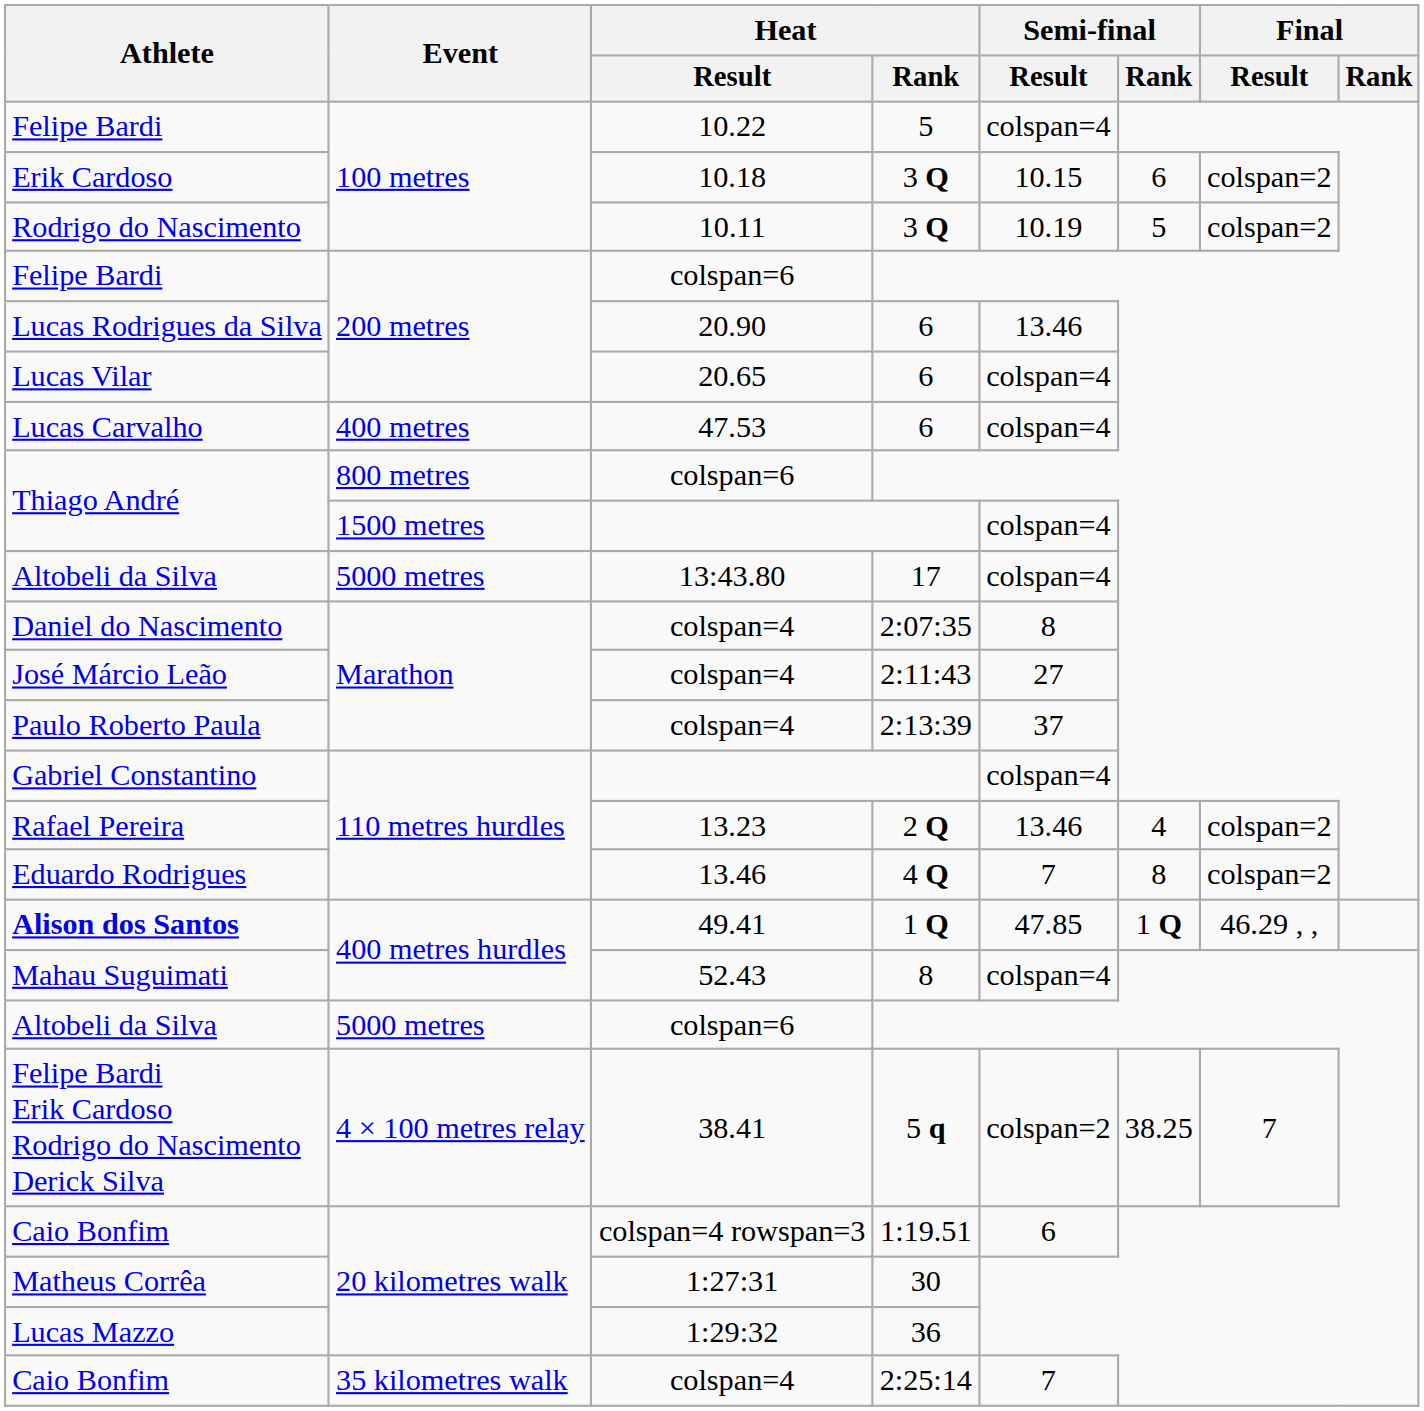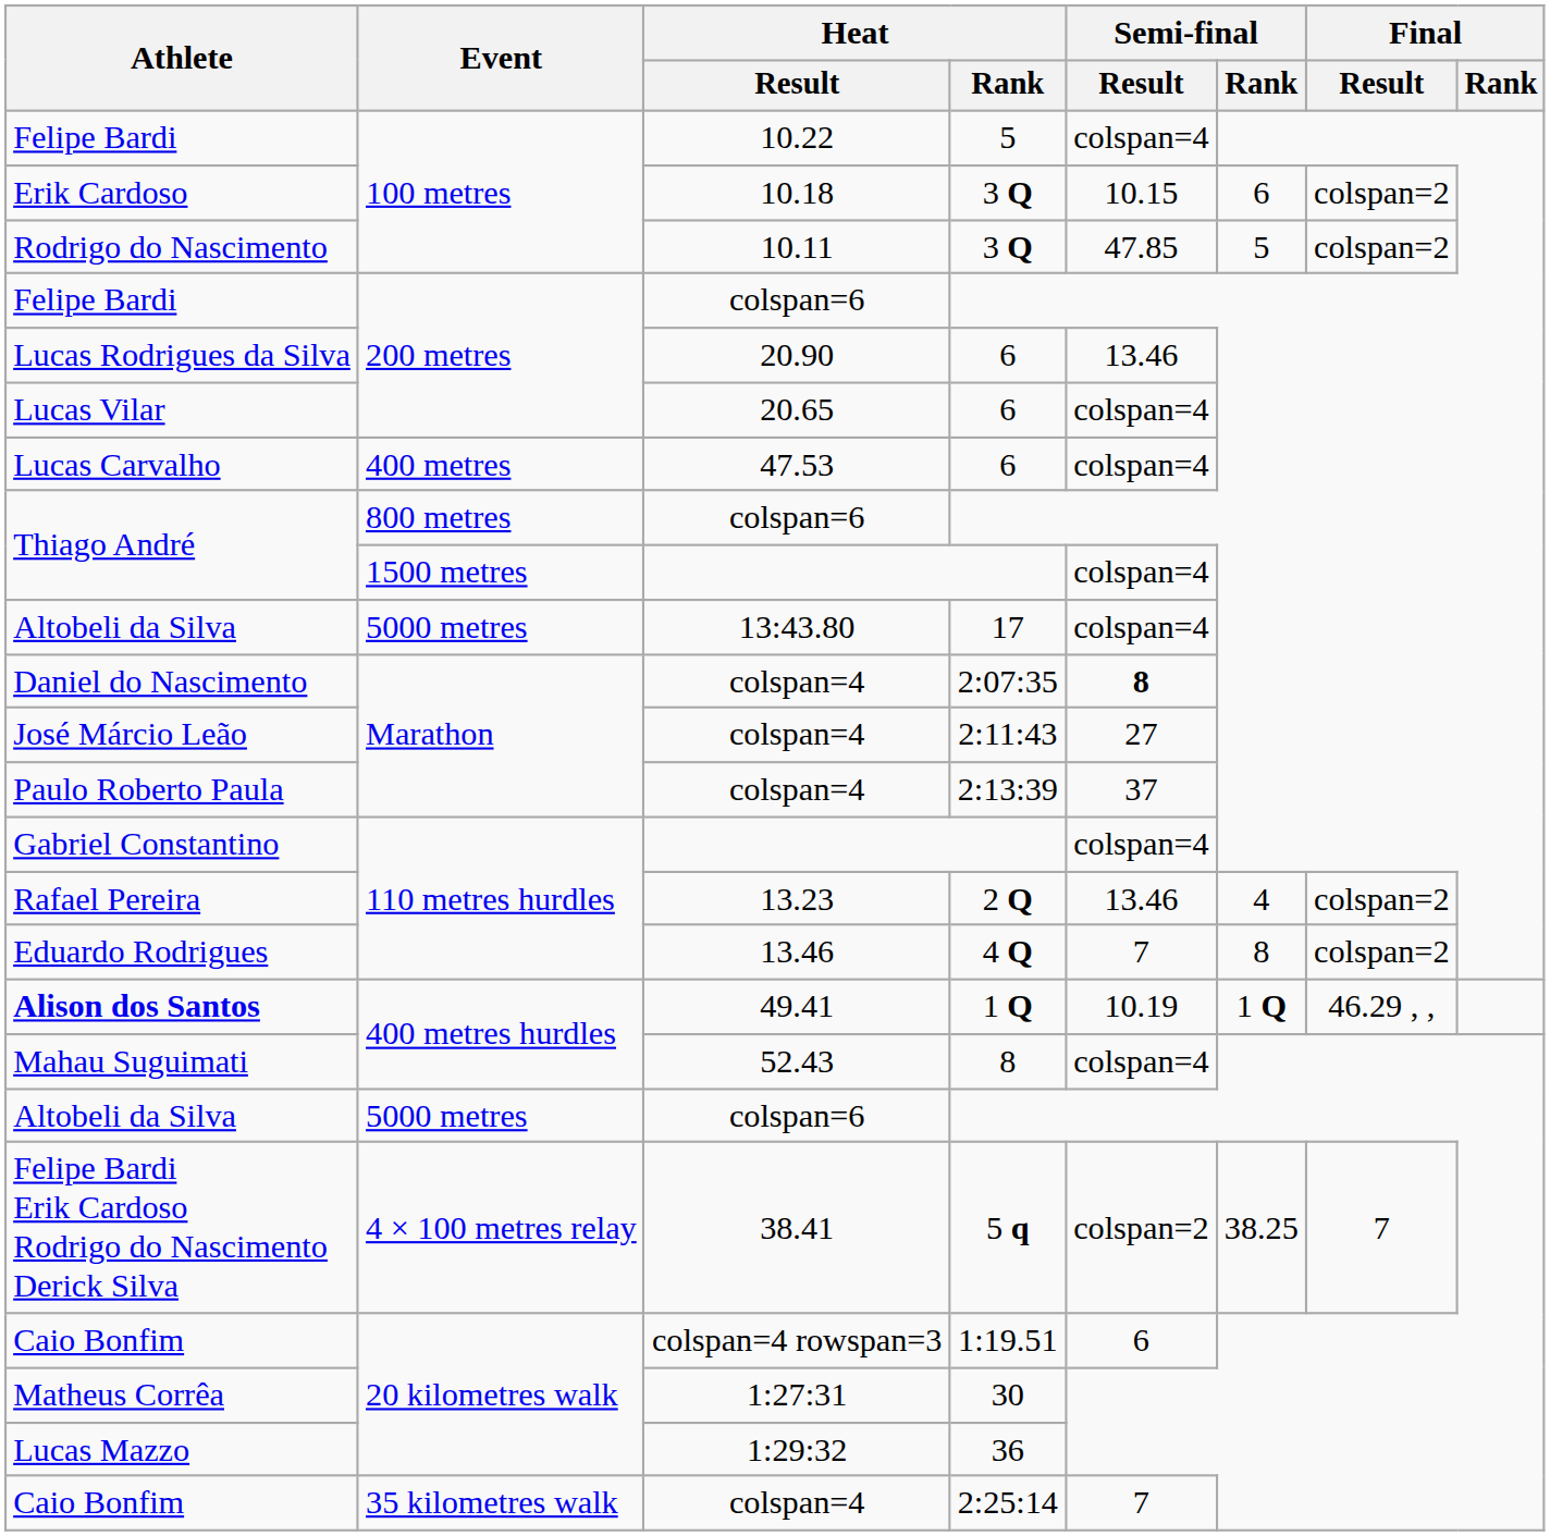 <table class="wikitable" style="font-size:90%">
 <tr>
 <th rowspan="2">Athlete</th>
 <th rowspan="2">Event</th>
 <th colspan="2">Heat</th>
 <th colspan="2">Semi-final</th>
 <th colspan="2">Final</th>
 </tr>
 <tr style="font-size:95%">
 <th>Result</th>
 <th>Rank</th>
 <th>Result</th>
 <th>Rank</th>
 <th>Result</th>
 <th>Rank</th>
 </tr>
 <tr align=center>
 <td align=left><a href='#'>Felipe Bardi</a></td>
 <td align=left rowspan=3><a href='#'>100 metres</a></td>
 <td>10.22 </td>
 <td>5</td>
 <td>colspan=4 </td>
 </tr>
 <tr align=center>
 <td align=left><a href='#'>Erik Cardoso</a></td>
 <td>10.18 </td>
 <td>3 <strong>Q</strong></td>
 <td>10.15 </td>
 <td>6</td>
 <td>colspan=2 </td>
 </tr>
 <tr align=center>
 <td align=left><a href='#'>Rodrigo do Nascimento</a></td>
 <td>10.11 </td>
 <td>3 <strong>Q</strong></td>
-<td>10.19 </td>
+<td>47.85</td>
 <td>5</td>
 <td>colspan=2 </td>
 </tr>
 <tr align=center>
 <td align=left><a href='#'>Felipe Bardi</a></td>
 <td align=left rowspan=3><a href='#'>200 metres</a></td>
 <td>colspan=6 </td>
 </tr>
 <tr align=center>
 <td align=left><a href='#'>Lucas Rodrigues da Silva</a></td>
 <td>20.90 </td>
 <td>6</td>
 <td>13.46 </td>
 </tr>
 <tr align=center>
 <td align=left><a href='#'>Lucas Vilar</a></td>
 <td>20.65  </td>
 <td>6</td>
 <td>colspan=4 </td>
 </tr>
 <tr align=center>
 <td align=left><a href='#'>Lucas Carvalho</a></td>
 <td align=left><a href='#'>400 metres</a></td>
 <td>47.53</td>
 <td>6</td>
 <td>colspan=4 </td>
 </tr>
 <tr align=center>
 <td align=left rowspan=2><a href='#'>Thiago André</a></td>
 <td align=left><a href='#'>800 metres</a></td>
 <td>colspan=6 </td>
 </tr>
 <tr align=center>
 <td align=left><a href='#'>1500 metres</a></td>
 <td colspan=2></td>
 <td>colspan=4 </td>
 </tr>
 <tr align=center>
 <td align=left><a href='#'>Altobeli da Silva</a></td>
 <td align=left><a href='#'>5000 metres</a></td>
 <td>13:43.80 </td>
 <td>17</td>
 <td>colspan=4 </td>
 </tr>
 <tr align=center>
 <td align=left><a href='#'>Daniel do Nascimento</a></td>
 <td align=left rowspan=3><a href='#'>Marathon</a></td>
 <td>colspan=4 </td>
 <td>2:07:35</td>
-<td>8</td>
+<td><strong>8</strong></td>
 </tr>
 <tr align=center>
 <td align=left><a href='#'>José Márcio Leão</a></td>
 <td>colspan=4 </td>
 <td>2:11:43</td>
 <td>27</td>
 </tr>
 <tr align=center>
 <td align=left><a href='#'>Paulo Roberto Paula</a></td>
 <td>colspan=4 </td>
 <td>2:13:39</td>
 <td>37</td>
 </tr>
 <tr align=center>
 <td align=left><a href='#'>Gabriel Constantino</a></td>
 <td align=left rowspan=3><a href='#'>110 metres hurdles</a></td>
 <td colspan=2> </td>
 <td>colspan=4 </td>
 </tr>
 <tr align=center>
 <td align=left><a href='#'>Rafael Pereira</a></td>
 <td>13.23 </td>
 <td>2 <strong>Q</strong></td>
 <td>13.46 </td>
 <td>4</td>
 <td>colspan=2 </td>
 </tr>
 <tr align=center>
 <td align=left><a href='#'>Eduardo Rodrigues</a></td>
 <td>13.46 </td>
 <td>4 <strong>Q</strong></td>
 <td>7</td>
 <td>8</td>
 <td>colspan=2 </td>
 </tr>
 <tr align=center>
 <td align=left><strong><a href='#'>Alison dos Santos</a></strong></td>
 <td align=left rowspan=2><a href='#'>400 metres hurdles</a></td>
 <td>49.41</td>
 <td>1 <strong>Q</strong></td>
-<td>47.85</td>
+<td>10.19 </td>
 <td>1 <strong>Q</strong></td>
 <td>46.29 <strong></strong>, <strong></strong>, <strong></strong></td>
 <td></td>
 </tr>
 <tr align=center>
 <td align=left><a href='#'>Mahau Suguimati</a></td>
 <td>52.43</td>
 <td>8</td>
 <td>colspan=4 </td>
 </tr>
 <tr align=center>
 <td align=left><a href='#'>Altobeli da Silva</a></td>
 <td align=left><a href='#'>5000 metres</a></td>
 <td>colspan=6 </td>
 </tr>
 <tr align=center>
 <td align=left><a href='#'>Felipe Bardi</a><br><a href='#'>Erik Cardoso</a><br><a href='#'>Rodrigo do Nascimento</a><br><a href='#'>Derick Silva</a></td>
 <td align=left><a href='#'>4 × 100 metres relay</a></td>
 <td>38.41 </td>
 <td>5 <strong>q</strong></td>
 <td>colspan=2 </td>
 <td>38.25 </td>
 <td>7</td>
 </tr>
 <tr align=center>
 <td align=left><a href='#'>Caio Bonfim</a></td>
 <td align=left rowspan=3><a href='#'>20 kilometres walk</a></td>
 <td>colspan=4 rowspan=3 </td>
 <td>1:19.51</td>
 <td>6</td>
 </tr>
 <tr align=center>
 <td align=left><a href='#'>Matheus Corrêa</a></td>
 <td>1:27:31</td>
 <td>30</td>
 </tr>
 <tr align=center>
 <td align=left><a href='#'>Lucas Mazzo</a></td>
 <td>1:29:32</td>
 <td>36</td>
 </tr>
 <tr align=center>
 <td align=left><a href='#'>Caio Bonfim</a></td>
 <td align=left><a href='#'>35 kilometres walk</a></td>
 <td>colspan=4 </td>
 <td>2:25:14 <strong></strong></td>
 <td>7</td>
 </tr>
 </table>
